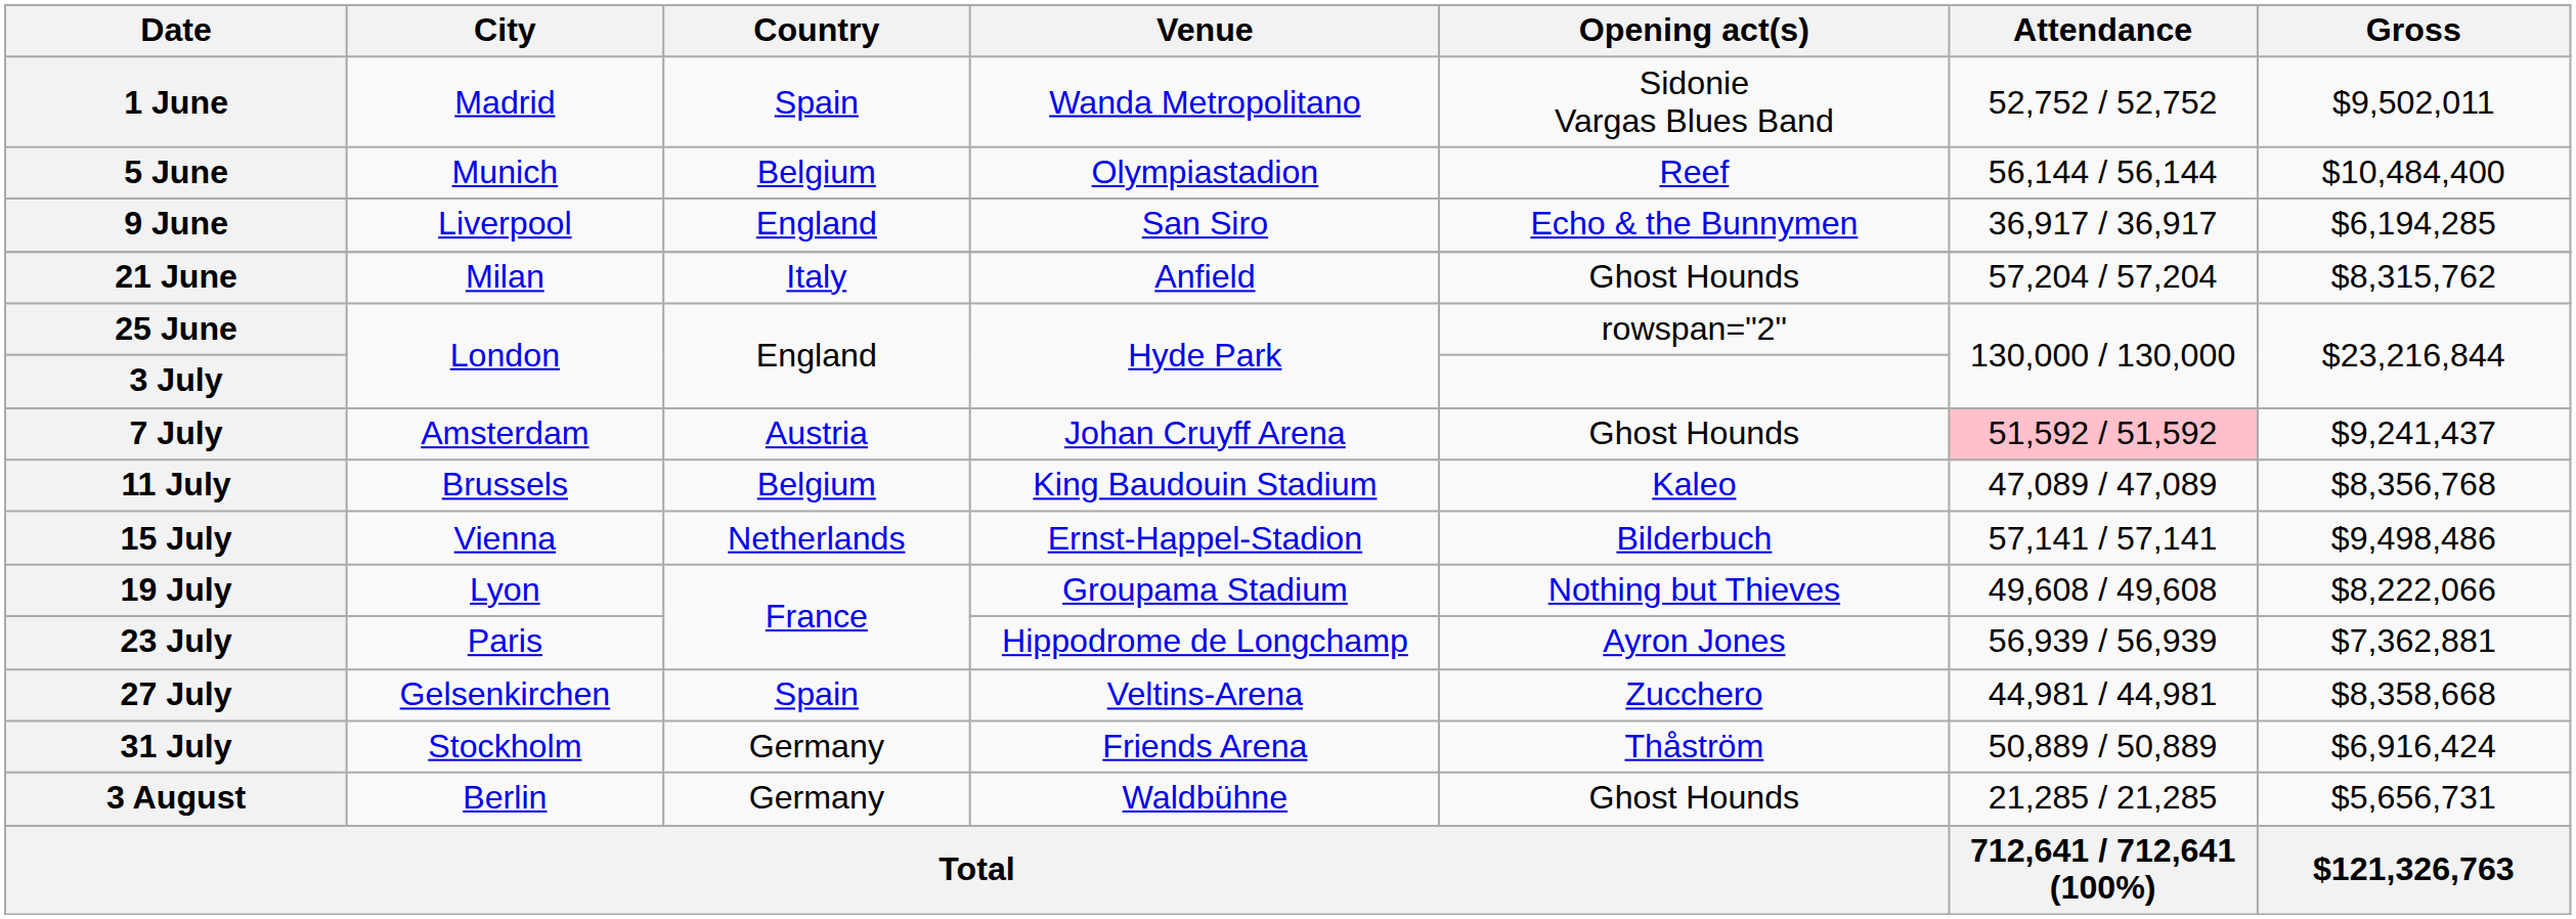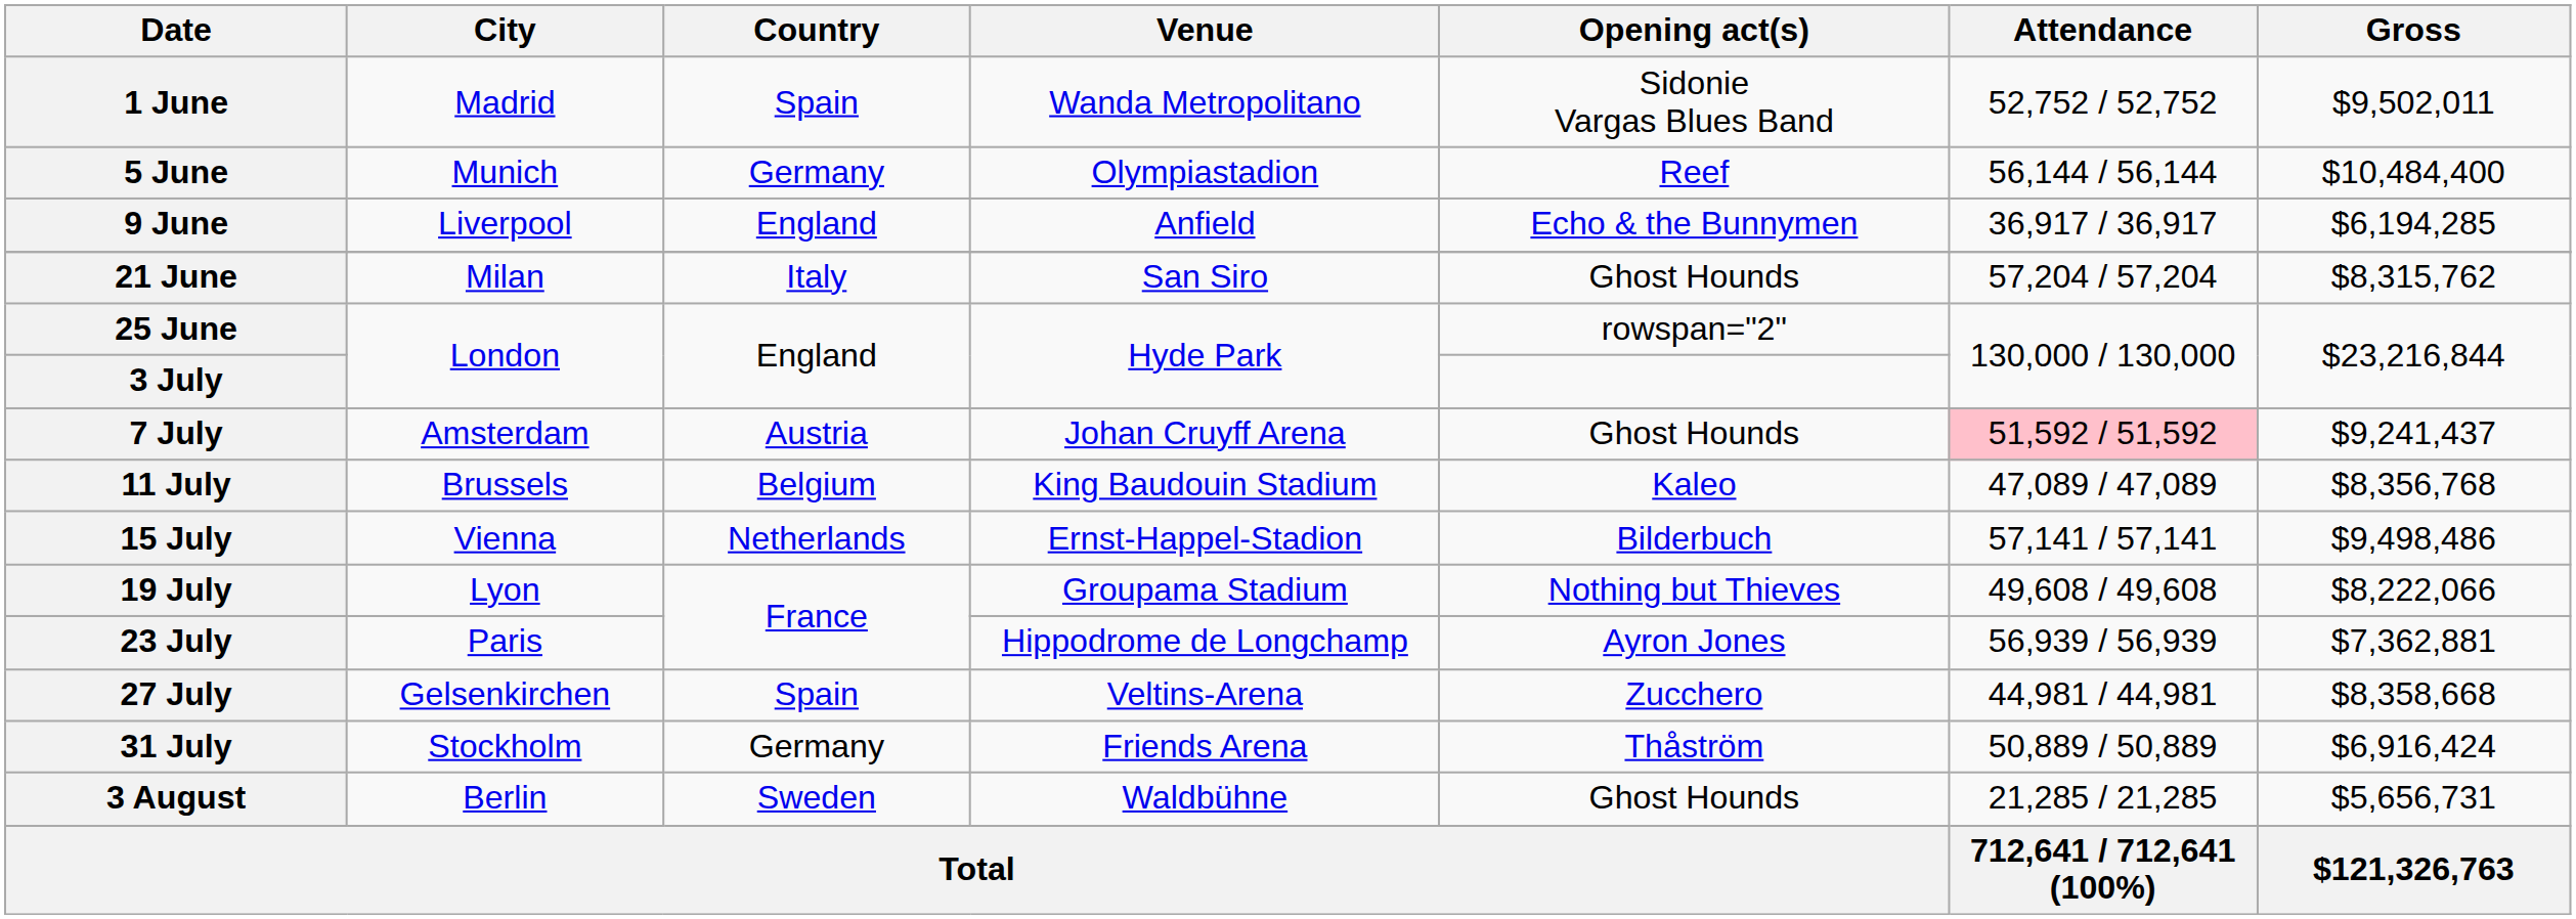 <table class="wikitable plainrowheaders" style="text-align:center;">
 <tr>
 <th scope="col" style="width:12em;">Date</th>
 <th scope="col" style="width:10em;">City</th>
 <th scope="col" style="width:10em;">Country</th>
 <th scope="col" style="width:16em;">Venue</th>
 <th scope="col" style="width:18em;">Opening act(s)</th>
 <th scope="col" style="width:10em;">Attendance</th>
 <th scope="col" style="width:10em;">Gross</th>
 </tr>
 <tr>
 <th scope="row" style="text-align:center;">1 June</th>
 <td><a href='#'>Madrid</a></td>
 <td><a href='#'>Spain</a></td>
 <td><a href='#'>Wanda Metropolitano</a></td>
 <td>Sidonie<br>Vargas Blues Band</td>
 <td>52,752 / 52,752</td>
 <td>$9,502,011</td>
 </tr>
 <tr>
 <th scope="row" style="text-align:center;">5 June</th>
 <td><a href='#'>Munich</a></td>
-<td><a href='#'>Belgium</a></td>
+<td><a href='#'>Germany</a></td>
 <td><a href='#'>Olympiastadion</a></td>
 <td><a href='#'>Reef</a></td>
 <td>56,144 / 56,144</td>
 <td>$10,484,400</td>
 </tr>
 <tr>
 <th scope="row" style="text-align:center;">9 June</th>
 <td><a href='#'>Liverpool</a></td>
 <td><a href='#'>England</a></td>
-<td><a href='#'>San Siro</a></td>
+<td><a href='#'>Anfield</a></td>
 <td><a href='#'>Echo & the Bunnymen</a></td>
 <td>36,917 / 36,917</td>
 <td>$6,194,285</td>
 </tr>
 <tr>
 </tr>
 <tr>
 <th scope="row" style="text-align:center;">21 June</th>
 <td><a href='#'>Milan</a></td>
 <td><a href='#'>Italy</a></td>
-<td><a href='#'>Anfield</a></td>
+<td><a href='#'>San Siro</a></td>
 <td>Ghost Hounds</td>
 <td>57,204 / 57,204</td>
 <td>$8,315,762</td>
 </tr>
 <tr>
 <th scope="row" style="text-align:center;">25 June</th>
 <td rowspan="2"><a href='#'>London</a></td>
 <td rowspan="2">England</td>
 <td rowspan="2"><a href='#'>Hyde Park</a></td>
 <td>rowspan="2" </td>
 <td rowspan="2">130,000 / 130,000</td>
 <td rowspan="2">$23,216,844</td>
 </tr>
 <tr>
 <th scope="row" style="text-align:center;">3 July</th>
 </tr>
 <tr>
 <th scope="row" style="text-align:center;">7 July</th>
 <td><a href='#'>Amsterdam</a></td>
 <td><a href='#'>Austria</a></td>
 <td><a href='#'>Johan Cruyff Arena</a></td>
 <td>Ghost Hounds</td>
 <td style="background: pink;">51,592 / 51,592</td>
 <td>$9,241,437</td>
 </tr>
 <tr>
 <th scope="row" style="text-align:center;">11 July</th>
 <td><a href='#'>Brussels</a></td>
 <td><a href='#'>Belgium</a></td>
 <td><a href='#'>King Baudouin Stadium</a></td>
 <td><a href='#'>Kaleo</a></td>
 <td>47,089 / 47,089</td>
 <td>$8,356,768</td>
 </tr>
 <tr>
 <th scope="row" style="text-align:center;">15 July</th>
 <td><a href='#'>Vienna</a></td>
 <td><a href='#'>Netherlands</a></td>
 <td><a href='#'>Ernst-Happel-Stadion</a></td>
 <td><a href='#'>Bilderbuch</a></td>
 <td>57,141 / 57,141</td>
 <td>$9,498,486</td>
 </tr>
 <tr>
 <th scope="row" style="text-align:center;">19 July</th>
 <td><a href='#'>Lyon</a></td>
 <td rowspan="2"><a href='#'>France</a></td>
 <td><a href='#'>Groupama Stadium</a></td>
 <td><a href='#'>Nothing but Thieves</a></td>
 <td>49,608 / 49,608</td>
 <td>$8,222,066</td>
 </tr>
 <tr>
 <th scope="row" style="text-align:center;">23 July</th>
 <td><a href='#'>Paris</a></td>
 <td><a href='#'>Hippodrome de Longchamp</a></td>
 <td><a href='#'>Ayron Jones</a></td>
 <td>56,939 / 56,939</td>
 <td>$7,362,881</td>
 </tr>
 <tr>
 <th scope="row" style="text-align:center;">27 July</th>
 <td><a href='#'>Gelsenkirchen</a></td>
 <td><a href='#'>Spain</a></td>
 <td><a href='#'>Veltins-Arena</a></td>
 <td><a href='#'>Zucchero</a></td>
 <td>44,981 / 44,981</td>
 <td>$8,358,668</td>
 </tr>
 <tr>
 <th scope="row" style="text-align:center;">31 July</th>
 <td><a href='#'>Stockholm</a></td>
 <td>Germany</td>
 <td><a href='#'>Friends Arena</a></td>
 <td><a href='#'>Thåström</a></td>
 <td>50,889 / 50,889</td>
 <td>$6,916,424</td>
 </tr>
 <tr>
 <th scope="row" style="text-align:center;">3 August</th>
 <td><a href='#'>Berlin</a></td>
-<td>Germany</td>
+<td><a href='#'>Sweden</a></td>
 <td><a href='#'>Waldbühne</a></td>
 <td>Ghost Hounds</td>
 <td>21,285 / 21,285</td>
 <td>$5,656,731</td>
 </tr>
 <tr>
 <th colspan="5">Total</th>
 <th>712,641 / 712,641<br>(100%)</th>
 <th>$121,326,763</th>
 </tr>
 </table>
